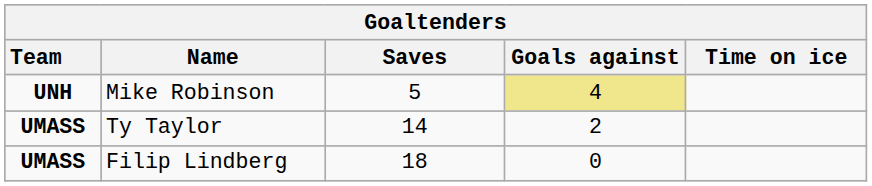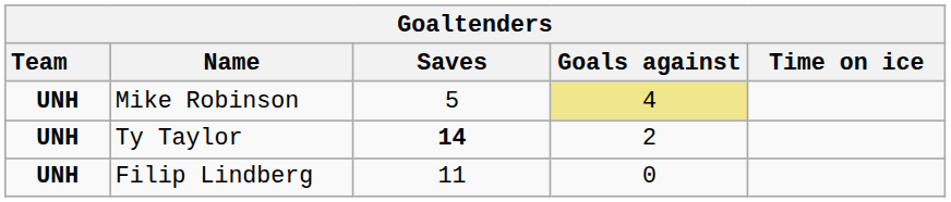 <table class="wikitable" style="width:40em; text-align:right;">
 <tr>
 <th colspan=5>Goaltenders</th>
 </tr>
 <tr>
 <th style="width:4em; text-align:left;">Team</th>
 <th style="width:10em;">Name</th>
 <th style="width:8em;">Saves</th>
 <th style="width:8em;">Goals against</th>
 <th style="width:8em;">Time on ice</th>
 </tr>
 <tr>
 <td align=center><strong>UNH</strong></td>
 <td style="text-align:left;">Mike Robinson</td>
 <td align=center>5</td>
 <td align=center style="background: khaki;">4</td>
 <td align=center></td>
 </tr>
 <tr>
-<td align=center><strong>UMASS</strong></td>
+<td align=center><strong>UNH</strong></td>
 <td style="text-align:left;">Ty Taylor</td>
-<td align=center>14</td>
+<td align=center><strong>14</strong></td>
 <td align=center>2</td>
 <td align=center></td>
 </tr>
 <tr>
-<td align=center><strong>UMASS</strong></td>
+<td align=center><strong>UNH</strong></td>
 <td style="text-align:left;">Filip Lindberg</td>
-<td align=center>18</td>
+<td align=center>11</td>
 <td align=center>0</td>
 <td align=center></td>
 </tr>
 </table>
